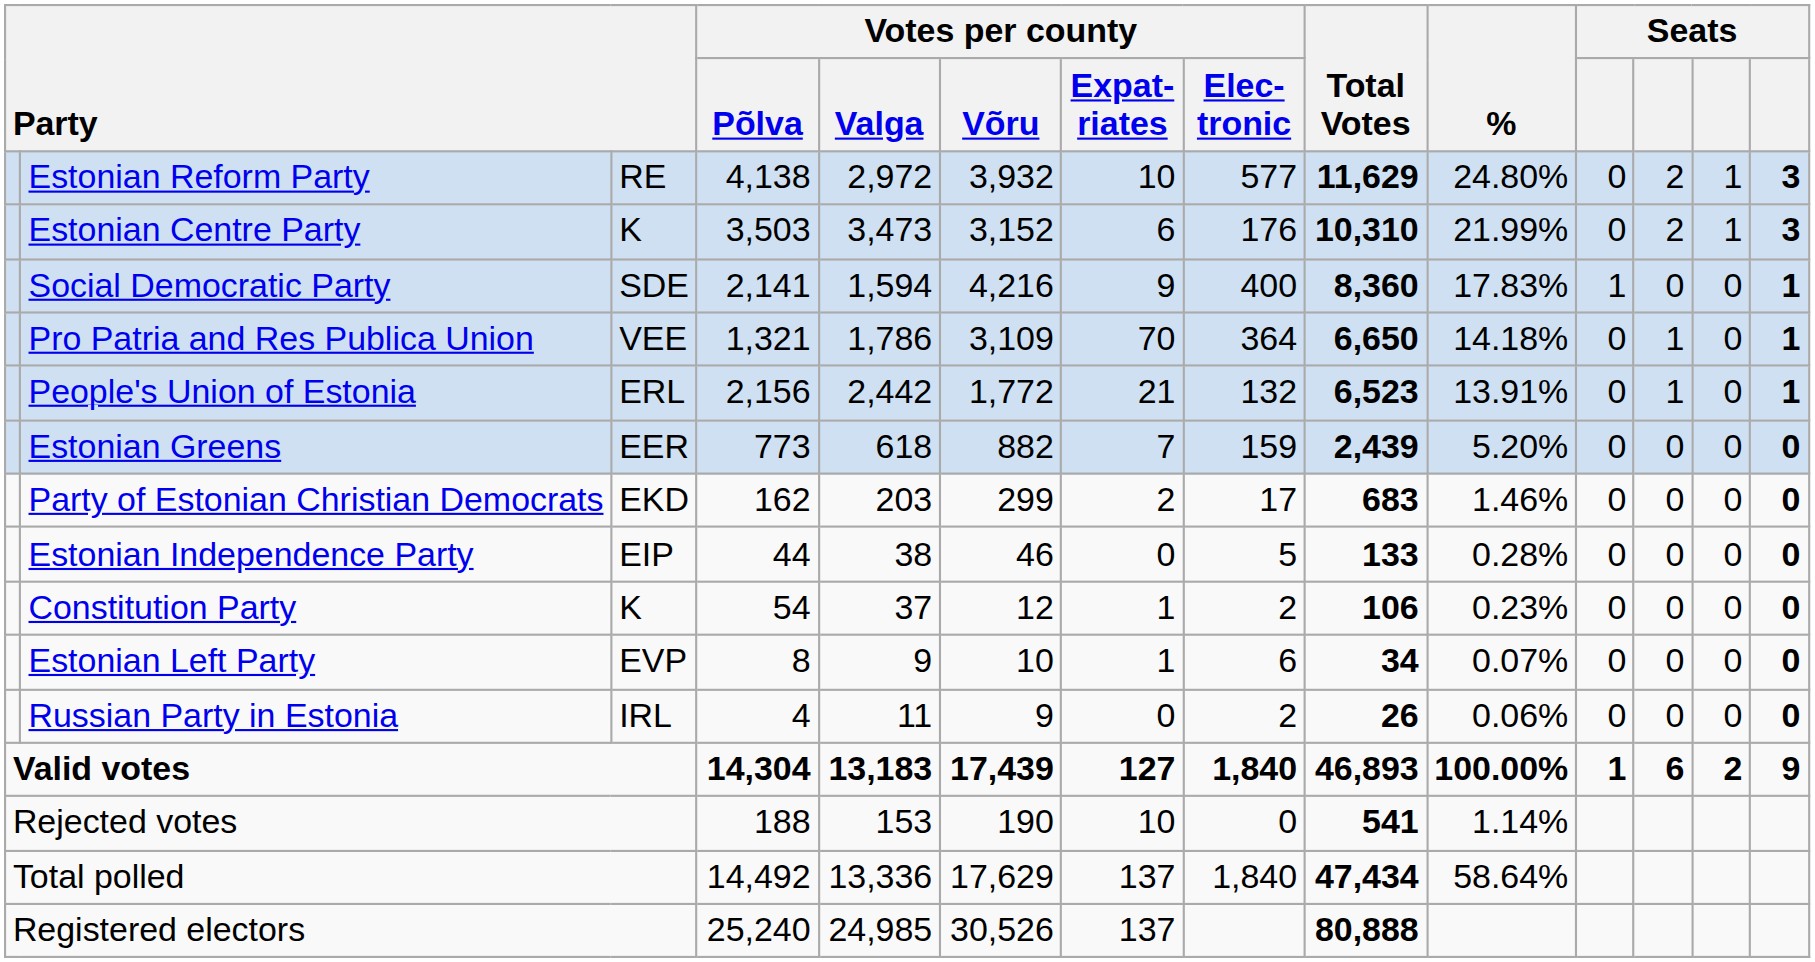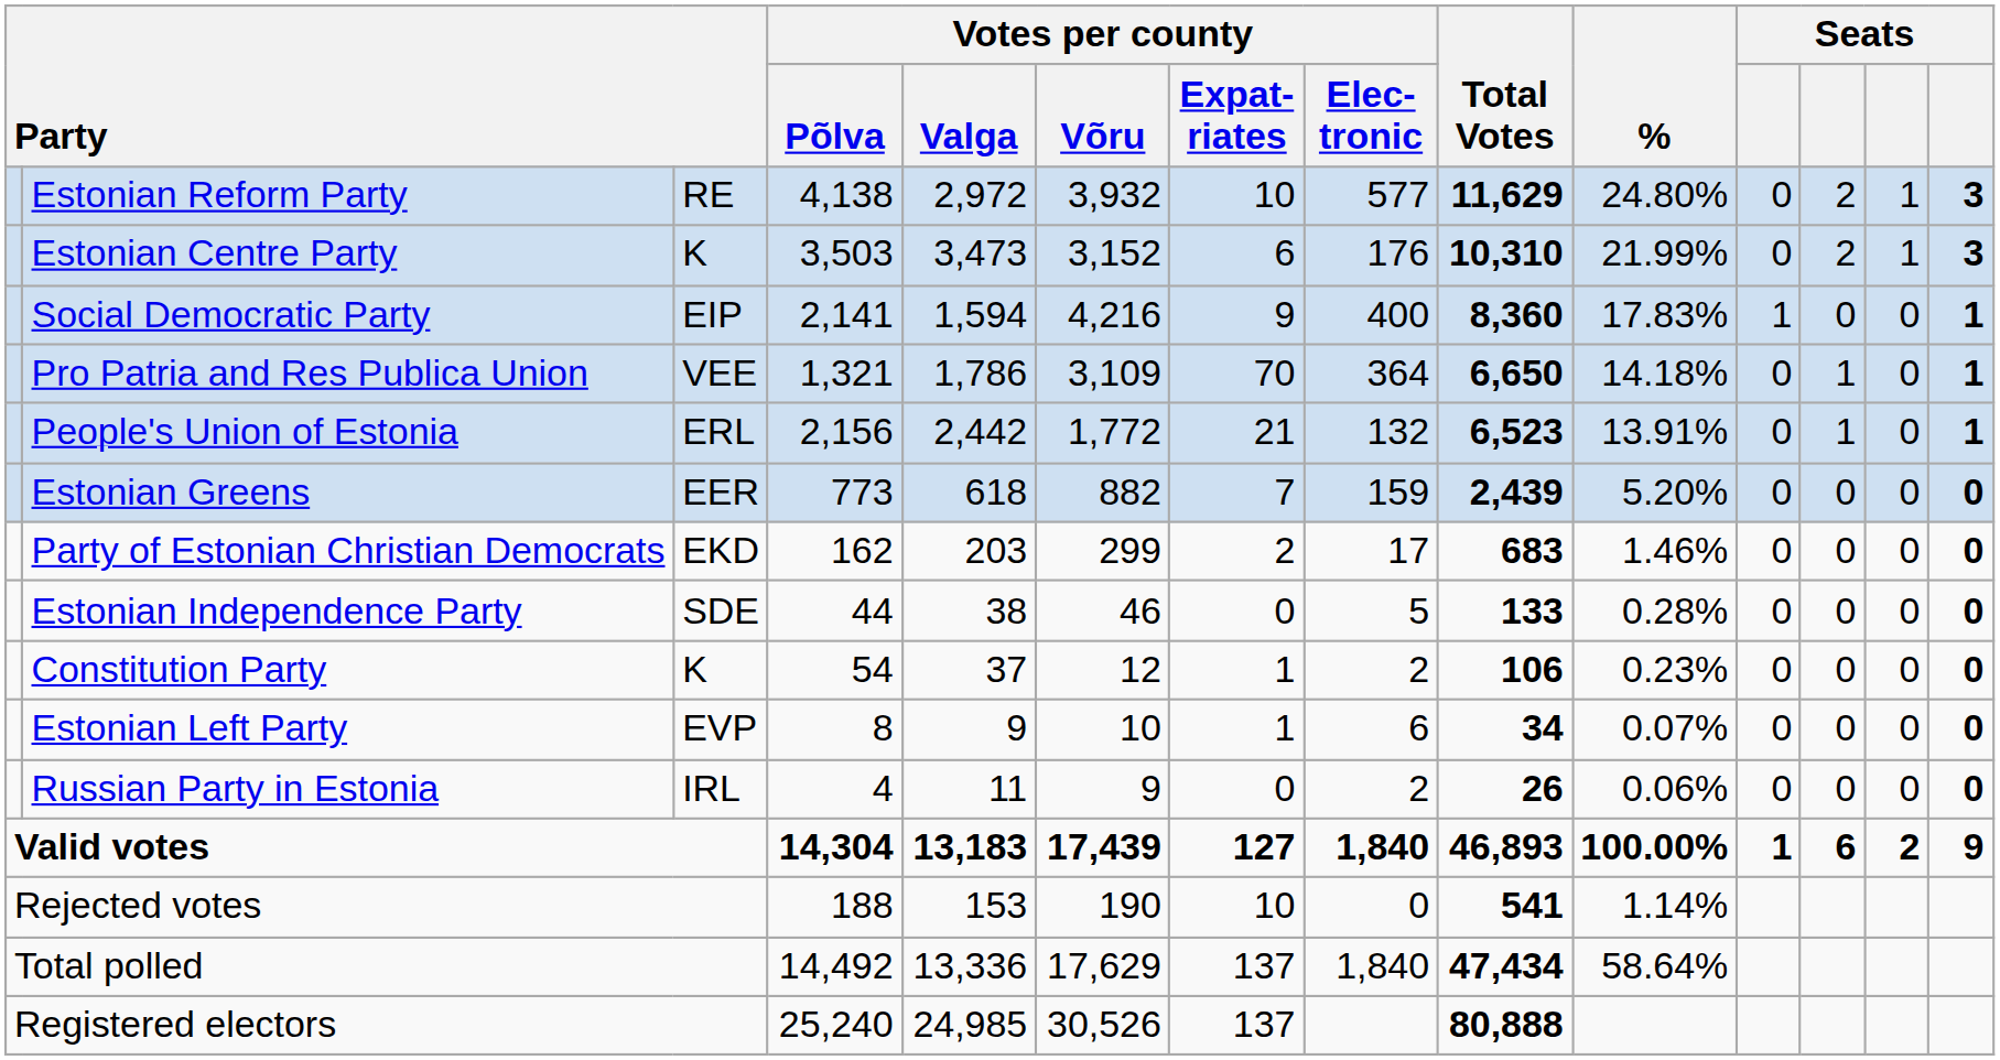 <table class="wikitable" border="1" style="text-align:right;">
 <tr>
 <th style="text-align:left;" valign=bottom rowspan=2 colspan=3>Party</th>
 <th colspan=5>Votes per county</th>
 <th align=center valign=bottom rowspan=2 width="50">Total Votes</th>
 <th align=center valign=bottom rowspan=2 width="50">%</th>
 <th colspan=4>Seats</th>
 </tr>
 <tr>
 <th align=center valign=bottom width="50"><a href='#'>Põlva</a></th>
 <th align=center valign=bottom width="50"><a href='#'>Valga</a></th>
 <th align=center valign=bottom width="50"><a href='#'>Võru</a></th>
 <th align=center valign=bottom width="50"><a href='#'>Expat- riates</a></th>
 <th align=center valign=bottom width="50"><a href='#'>Elec- tronic</a></th>
 <th align=center valign=bottom width="20"><small></small></th>
 <th align=center valign=bottom width="20"><small></small></th>
 <th align=center valign=bottom width="20"><small></small></th>
 <th align=center valign=bottom width="20"><small></small></th>
 </tr>
 <tr style="background:#CEE0F2;">
 <td style="background:"></td>
 <td align=left><a href='#'>Estonian Reform Party</a></td>
 <td align=left>RE</td>
 <td>4,138</td>
 <td>2,972</td>
 <td>3,932</td>
 <td>10</td>
 <td>577</td>
 <td><strong>11,629</strong></td>
 <td>24.80%</td>
 <td>0</td>
 <td>2</td>
 <td>1</td>
 <td><strong>3</strong></td>
 </tr>
 <tr style="background:#CEE0F2;">
 <td style="background:"></td>
 <td align=left><a href='#'>Estonian Centre Party</a></td>
 <td align=left>K</td>
 <td>3,503</td>
 <td>3,473</td>
 <td>3,152</td>
 <td>6</td>
 <td>176</td>
 <td><strong>10,310</strong></td>
 <td>21.99%</td>
 <td>0</td>
 <td>2</td>
 <td>1</td>
 <td><strong>3</strong></td>
 </tr>
 <tr style="background:#CEE0F2;">
 <td style="background:"></td>
 <td align=left><a href='#'>Social Democratic Party</a></td>
-<td align=left>SDE</td>
+<td align=left>EIP</td>
 <td>2,141</td>
 <td>1,594</td>
 <td>4,216</td>
 <td>9</td>
 <td>400</td>
 <td><strong>8,360</strong></td>
 <td>17.83%</td>
 <td>1</td>
 <td>0</td>
 <td>0</td>
 <td><strong>1</strong></td>
 </tr>
 <tr style="background:#CEE0F2;">
 <td style="background:"></td>
 <td align=left><a href='#'>Pro Patria and Res Publica Union</a></td>
 <td align=left>VEE</td>
 <td>1,321</td>
 <td>1,786</td>
 <td>3,109</td>
 <td>70</td>
 <td>364</td>
 <td><strong>6,650</strong></td>
 <td>14.18%</td>
 <td>0</td>
 <td>1</td>
 <td>0</td>
 <td><strong>1</strong></td>
 </tr>
 <tr style="background:#CEE0F2;">
 <td style="background:"></td>
 <td align=left><a href='#'>People's Union of Estonia</a></td>
 <td align=left>ERL</td>
 <td>2,156</td>
 <td>2,442</td>
 <td>1,772</td>
 <td>21</td>
 <td>132</td>
 <td><strong>6,523</strong></td>
 <td>13.91%</td>
 <td>0</td>
 <td>1</td>
 <td>0</td>
 <td><strong>1</strong></td>
 </tr>
 <tr style="background:#CEE0F2;">
 <td style="background:"></td>
 <td align=left><a href='#'>Estonian Greens</a></td>
 <td align=left>EER</td>
 <td>773</td>
 <td>618</td>
 <td>882</td>
 <td>7</td>
 <td>159</td>
 <td><strong>2,439</strong></td>
 <td>5.20%</td>
 <td>0</td>
 <td>0</td>
 <td>0</td>
 <td><strong>0</strong></td>
 </tr>
 <tr>
 <td style="background:"></td>
 <td align=left><a href='#'>Party of Estonian Christian Democrats</a></td>
 <td align=left>EKD</td>
 <td>162</td>
 <td>203</td>
 <td>299</td>
 <td>2</td>
 <td>17</td>
 <td><strong>683</strong></td>
 <td>1.46%</td>
 <td>0</td>
 <td>0</td>
 <td>0</td>
 <td><strong>0</strong></td>
 </tr>
 <tr>
 <td style="background:"></td>
 <td align=left><a href='#'>Estonian Independence Party</a></td>
-<td align=left>EIP</td>
+<td align=left>SDE</td>
 <td>44</td>
 <td>38</td>
 <td>46</td>
 <td>0</td>
 <td>5</td>
 <td><strong>133</strong></td>
 <td>0.28%</td>
 <td>0</td>
 <td>0</td>
 <td>0</td>
 <td><strong>0</strong></td>
 </tr>
 <tr>
 <td style="background:"></td>
 <td align=left><a href='#'>Constitution Party</a></td>
 <td align=left>K</td>
 <td>54</td>
 <td>37</td>
 <td>12</td>
 <td>1</td>
 <td>2</td>
 <td><strong>106</strong></td>
 <td>0.23%</td>
 <td>0</td>
 <td>0</td>
 <td>0</td>
 <td><strong>0</strong></td>
 </tr>
 <tr>
 <td style="background:"></td>
 <td align=left><a href='#'>Estonian Left Party</a></td>
 <td align=left>EVP</td>
 <td>8</td>
 <td>9</td>
 <td>10</td>
 <td>1</td>
 <td>6</td>
 <td><strong>34</strong></td>
 <td>0.07%</td>
 <td>0</td>
 <td>0</td>
 <td>0</td>
 <td><strong>0</strong></td>
 </tr>
 <tr>
 <td></td>
 <td align=left><a href='#'>Russian Party in Estonia</a></td>
 <td align=left>IRL</td>
 <td>4</td>
 <td>11</td>
 <td>9</td>
 <td>0</td>
 <td>2</td>
 <td><strong>26</strong></td>
 <td>0.06%</td>
 <td>0</td>
 <td>0</td>
 <td>0</td>
 <td><strong>0</strong></td>
 </tr>
 <tr style="font-weight:bold">
 <td align=left colspan=3>Valid votes</td>
 <td>14,304</td>
 <td>13,183</td>
 <td>17,439</td>
 <td>127</td>
 <td>1,840</td>
 <td>46,893</td>
 <td>100.00%</td>
 <td>1</td>
 <td>6</td>
 <td>2</td>
 <td>9</td>
 </tr>
 <tr>
 <td align=left colspan=3>Rejected votes</td>
 <td>188</td>
 <td>153</td>
 <td>190</td>
 <td>10</td>
 <td>0</td>
 <td><strong>541</strong></td>
 <td>1.14%</td>
 <td></td>
 <td></td>
 <td></td>
 <td></td>
 </tr>
 <tr>
 <td align=left colspan=3>Total polled</td>
 <td>14,492</td>
 <td>13,336</td>
 <td>17,629</td>
 <td>137</td>
 <td>1,840</td>
 <td><strong>47,434</strong></td>
 <td>58.64%</td>
 <td></td>
 <td></td>
 <td></td>
 <td></td>
 </tr>
 <tr>
 <td align=left colspan=3>Registered electors</td>
 <td>25,240</td>
 <td>24,985</td>
 <td>30,526</td>
 <td>137</td>
 <td></td>
 <td><strong>80,888</strong></td>
 <td></td>
 <td></td>
 <td></td>
 <td></td>
 <td></td>
 </tr>
 </table>
